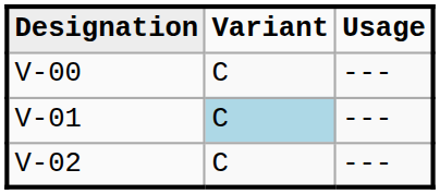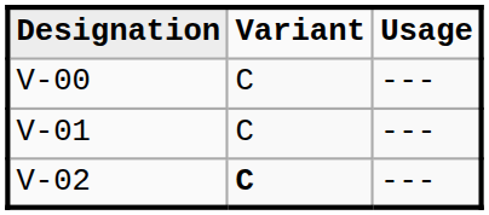 <table class="wikitable" style="margin:4px; border:2px solid #000000; font-size:95%;">
 <tr>
 <th style="background:#EDEDED;">Designation</th>
 <th style="background:#FAFAFA;">Variant</th>
 <th style="background:#FAFAFA;">Usage</th>
 </tr>
 <tr>
 <td style="background:#FAFAFA;">V-00</td>
 <td>C</td>
 <td>---</td>
 </tr>
 <tr>
 <td style="background:#FAFAFA;">V-01</td>
-<td style="background: lightblue;">C</td>
+<td>C</td>
 <td>---</td>
 </tr>
 <tr>
 <td style="background:#FAFAFA;">V-02</td>
-<td>C</td>
+<td><strong>C</strong></td>
 <td>---</td>
 </tr>
 <tr>
 </tr>
 </table>
